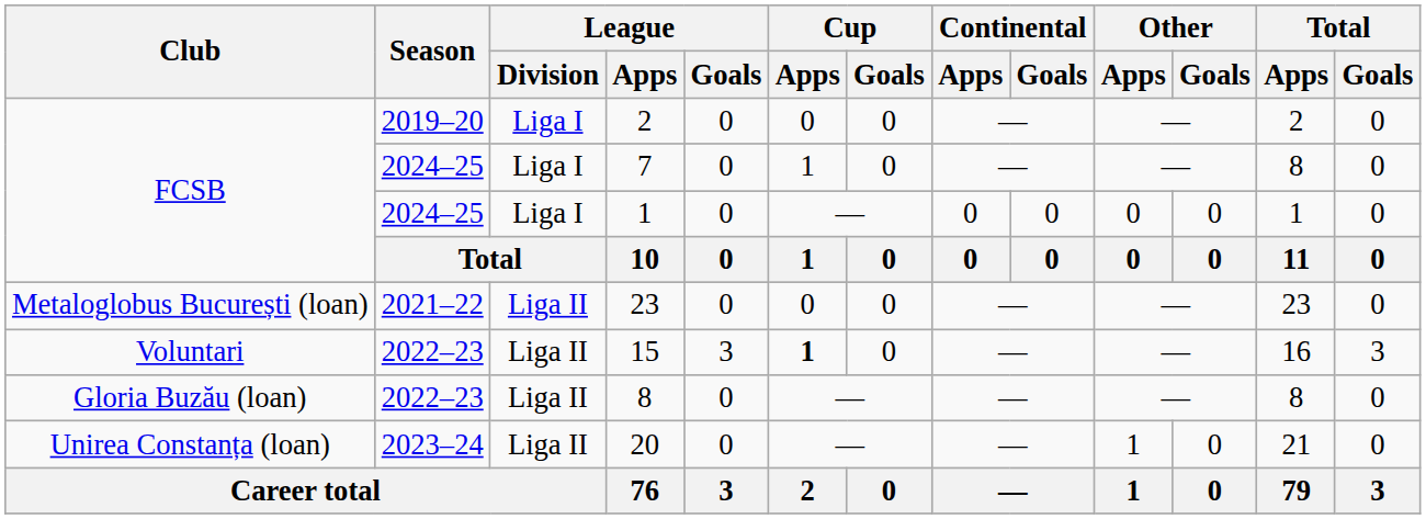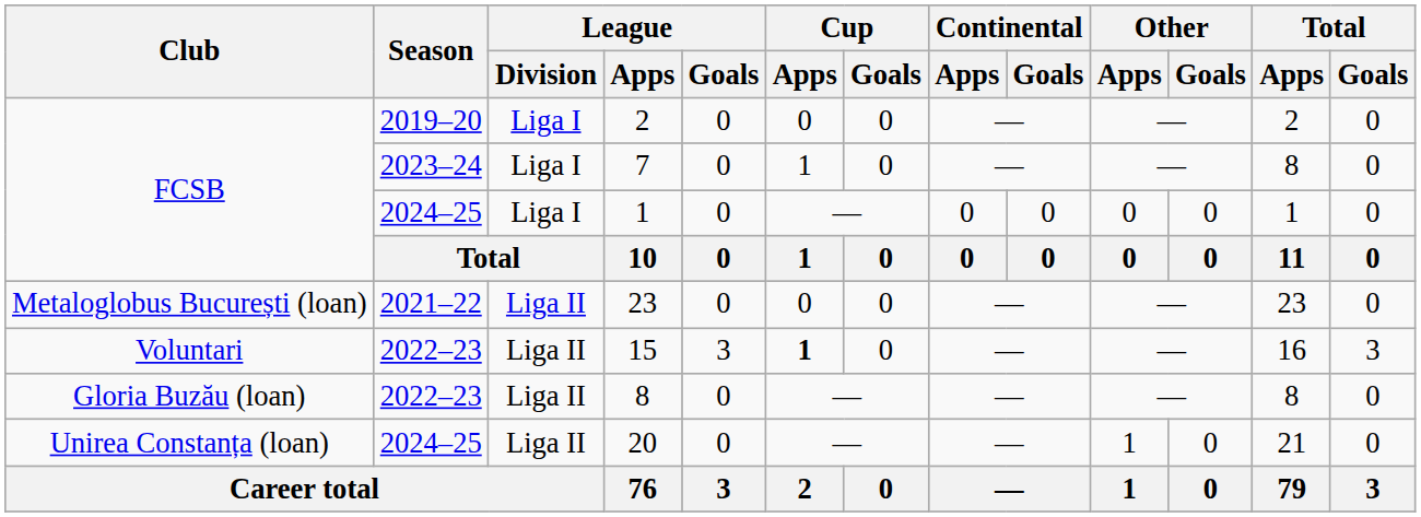 <table class="wikitable" style="text-align: center">
 <tr>
 <th rowspan="2">Club</th>
 <th rowspan="2">Season</th>
 <th colspan="3">League</th>
 <th colspan="2">Cup</th>
 <th colspan="2">Continental</th>
 <th colspan="2">Other</th>
 <th colspan="2">Total</th>
 </tr>
 <tr>
 <th>Division</th>
 <th>Apps</th>
 <th>Goals</th>
 <th>Apps</th>
 <th>Goals</th>
 <th>Apps</th>
 <th>Goals</th>
 <th>Apps</th>
 <th>Goals</th>
 <th>Apps</th>
 <th>Goals</th>
 </tr>
 <tr>
 <td rowspan="4"><a href='#'>FCSB</a></td>
 <td><a href='#'>2019–20</a></td>
 <td><a href='#'>Liga I</a></td>
 <td>2</td>
 <td>0</td>
 <td>0</td>
 <td>0</td>
 <td colspan="2">—</td>
 <td colspan="2">—</td>
 <td>2</td>
 <td>0</td>
 </tr>
 <tr>
-<td><a href='#'>2024–25</a></td>
+<td><a href='#'>2023–24</a></td>
 <td>Liga I</td>
 <td>7</td>
 <td>0</td>
 <td>1</td>
 <td>0</td>
 <td colspan="2">—</td>
 <td colspan="2">—</td>
 <td>8</td>
 <td>0</td>
 </tr>
 <tr>
 <td><a href='#'>2024–25</a></td>
 <td>Liga I</td>
 <td>1</td>
 <td>0</td>
 <td colspan="2">—</td>
 <td>0</td>
 <td>0</td>
 <td>0</td>
 <td>0</td>
 <td>1</td>
 <td>0</td>
 </tr>
 <tr>
 <th colspan="2">Total</th>
 <th>10</th>
 <th>0</th>
 <th>1</th>
 <th>0</th>
 <th>0</th>
 <th>0</th>
 <th>0</th>
 <th>0</th>
 <th>11</th>
 <th>0</th>
 </tr>
 <tr>
 <td><a href='#'>Metaloglobus București</a> (loan)</td>
 <td><a href='#'>2021–22</a></td>
 <td><a href='#'>Liga II</a></td>
 <td>23</td>
 <td>0</td>
 <td>0</td>
 <td>0</td>
 <td colspan="2">—</td>
 <td colspan="2">—</td>
 <td>23</td>
 <td>0</td>
 </tr>
 <tr>
 <td><a href='#'>Voluntari</a></td>
 <td><a href='#'>2022–23</a></td>
 <td>Liga II</td>
 <td>15</td>
 <td>3</td>
 <td><strong>1</strong></td>
 <td>0</td>
 <td colspan="2">—</td>
 <td colspan="2">—</td>
 <td>16</td>
 <td>3</td>
 </tr>
 <tr>
 <td><a href='#'>Gloria Buzău</a> (loan)</td>
 <td><a href='#'>2022–23</a></td>
 <td>Liga II</td>
 <td>8</td>
 <td>0</td>
 <td colspan="2">—</td>
 <td colspan="2">—</td>
 <td colspan="2">—</td>
 <td>8</td>
 <td>0</td>
 </tr>
 <tr>
 <td><a href='#'>Unirea Constanța</a> (loan)</td>
-<td><a href='#'>2023–24</a></td>
+<td><a href='#'>2024–25</a></td>
 <td>Liga II</td>
 <td>20</td>
 <td>0</td>
 <td colspan="2">—</td>
 <td colspan="2">—</td>
 <td>1</td>
 <td>0</td>
 <td>21</td>
 <td>0</td>
 </tr>
 <tr>
 <th colspan="3"><strong>Career total</strong></th>
 <th>76</th>
 <th>3</th>
 <th>2</th>
 <th>0</th>
 <th colspan="2">—</th>
 <th>1</th>
 <th>0</th>
 <th>79</th>
 <th>3</th>
 </tr>
 </table>
